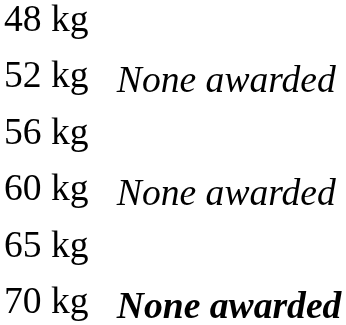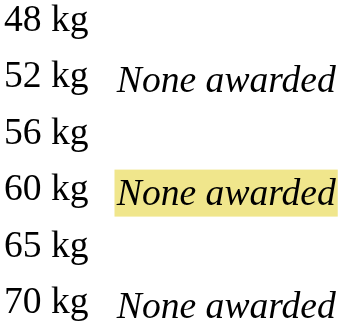 <table>
 <tr>
 <td rowspan=2>48 kg</td>
 <td rowspan=2></td>
 <td rowspan=2></td>
 <td></td>
 </tr>
 <tr>
 <td></td>
 </tr>
 <tr>
 <td rowspan=2>52 kg</td>
 <td rowspan=2></td>
 <td rowspan=2></td>
 <td></td>
 </tr>
 <tr>
 <td><em>None awarded</em></td>
 </tr>
 <tr>
 <td rowspan=2>56 kg</td>
 <td rowspan=2></td>
 <td rowspan=2></td>
 <td></td>
 </tr>
 <tr>
 <td></td>
 </tr>
 <tr>
 <td rowspan=2>60 kg</td>
 <td rowspan=2></td>
 <td rowspan=2></td>
 <td></td>
 </tr>
 <tr>
-<td><em>None awarded</em></td>
+<td style="background: khaki;"><em>None awarded</em></td>
 </tr>
 <tr>
 <td rowspan=2>65 kg</td>
 <td rowspan=2></td>
 <td rowspan=2></td>
 <td></td>
 </tr>
 <tr>
 <td></td>
 </tr>
 <tr>
 <td rowspan=2>70 kg</td>
 <td rowspan=2></td>
 <td rowspan=2></td>
 <td></td>
 </tr>
 <tr>
-<td><strong><em>None awarded</em></strong></td>
+<td><em>None awarded</em></td>
 </tr>
 </table>
